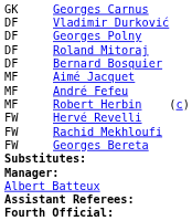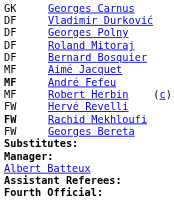 <table style=font-size:90% cellspacing=0 cellpadding=0>
 <tr>
 <td colspan=4></td>
 </tr>
 <tr>
 <th width=25></th>
 <th width=25></th>
 </tr>
 <tr>
 <td>GK</td>
 <td><strong> </strong></td>
 <td> <a href='#'>Georges Carnus</a></td>
 </tr>
 <tr>
 <td>DF</td>
 <td><strong> </strong></td>
 <td> <a href='#'>Vladimir Durković</a></td>
 </tr>
 <tr>
 <td>DF</td>
 <td><strong> </strong></td>
 <td> <a href='#'>Georges Polny</a></td>
 </tr>
 <tr>
 <td>DF</td>
 <td><strong> </strong></td>
 <td> <a href='#'>Roland Mitoraj</a></td>
 </tr>
 <tr>
 <td>DF</td>
 <td><strong> </strong></td>
 <td> <a href='#'>Bernard Bosquier</a></td>
 </tr>
 <tr>
 <td>MF</td>
 <td><strong> </strong></td>
 <td> <a href='#'>Aimé Jacquet</a></td>
 </tr>
 <tr>
-<td>MF</td>
+<td><strong>MF</strong></td>
 <td><strong> </strong></td>
 <td> <a href='#'>André Fefeu</a></td>
 </tr>
 <tr>
 <td>MF</td>
 <td><strong> </strong></td>
 <td> <a href='#'>Robert Herbin</a></td>
 <td>(<a href='#'>c</a>)</td>
 </tr>
 <tr>
 <td>FW</td>
 <td><strong> </strong></td>
 <td> <a href='#'>Hervé Revelli</a></td>
 </tr>
 <tr>
-<td>FW</td>
+<td><strong>FW</strong></td>
 <td><strong> </strong></td>
 <td> <a href='#'>Rachid Mekhloufi</a></td>
 </tr>
 <tr>
 <td>FW</td>
 <td><strong> </strong></td>
 <td> <a href='#'>Georges Bereta</a></td>
 </tr>
 <tr>
 <td colspan=3><strong>Substitutes:</strong></td>
 </tr>
 <tr>
 <td colspan=3><strong>Manager:</strong></td>
 </tr>
 <tr>
 <td colspan=4> <a href='#'>Albert Batteux</a><br><strong>Assistant Referees:</strong><br> <strong>Fourth Official:</strong><br></td>
 </tr>
 </table>
